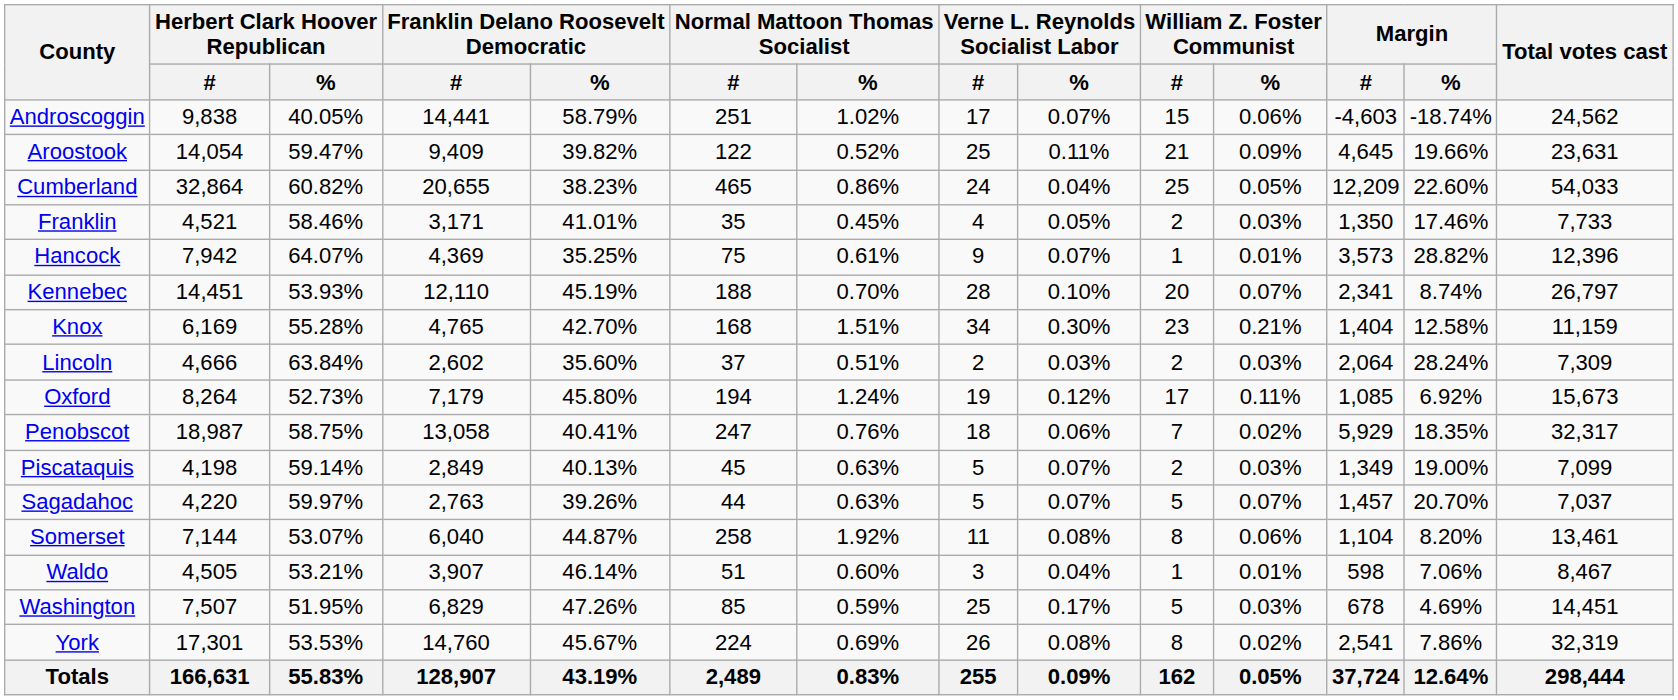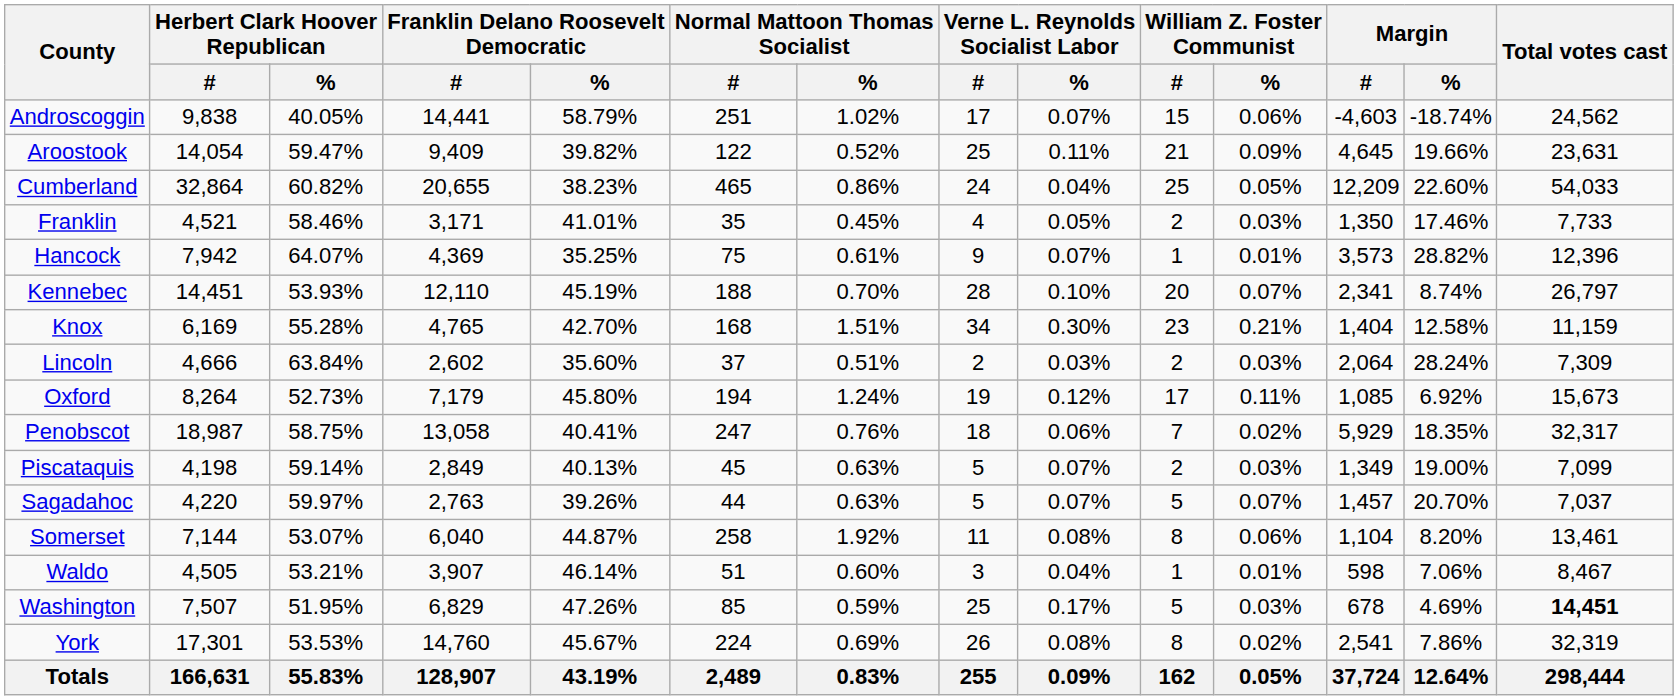 <table class="wikitable sortable">
 <tr>
 <th rowspan="2">County</th>
 <th colspan="2">Herbert Clark Hoover<br>Republican</th>
 <th colspan="2">Franklin Delano Roosevelt<br>Democratic</th>
 <th colspan="2">Normal Mattoon Thomas<br>Socialist</th>
 <th colspan="2">Verne L. Reynolds<br>Socialist Labor</th>
 <th colspan="2">William Z. Foster<br>Communist</th>
 <th colspan="2">Margin</th>
 <th rowspan="2">Total votes cast</th>
 </tr>
 <tr bgcolor="lightgrey">
 <th data-sort-type="number">#</th>
 <th data-sort-type="number">%</th>
 <th data-sort-type="number">#</th>
 <th data-sort-type="number">%</th>
 <th data-sort-type="number">#</th>
 <th data-sort-type="number">%</th>
 <th data-sort-type="number">#</th>
 <th data-sort-type="number">%</th>
 <th data-sort-type="number">#</th>
 <th data-sort-type="number">%</th>
 <th data-sort-type="number">#</th>
 <th data-sort-type="number">%</th>
 </tr>
 <tr style="text-align:center;">
 <td><a href='#'>Androscoggin</a></td>
 <td>9,838</td>
 <td>40.05%</td>
 <td>14,441</td>
 <td>58.79%</td>
 <td>251</td>
 <td>1.02%</td>
 <td>17</td>
 <td>0.07%</td>
 <td>15</td>
 <td>0.06%</td>
 <td>-4,603</td>
 <td>-18.74%</td>
 <td>24,562</td>
 </tr>
 <tr style="text-align:center;">
 <td><a href='#'>Aroostook</a></td>
 <td>14,054</td>
 <td>59.47%</td>
 <td>9,409</td>
 <td>39.82%</td>
 <td>122</td>
 <td>0.52%</td>
 <td>25</td>
 <td>0.11%</td>
 <td>21</td>
 <td>0.09%</td>
 <td>4,645</td>
 <td>19.66%</td>
 <td>23,631</td>
 </tr>
 <tr style="text-align:center;">
 <td><a href='#'>Cumberland</a></td>
 <td>32,864</td>
 <td>60.82%</td>
 <td>20,655</td>
 <td>38.23%</td>
 <td>465</td>
 <td>0.86%</td>
 <td>24</td>
 <td>0.04%</td>
 <td>25</td>
 <td>0.05%</td>
 <td>12,209</td>
 <td>22.60%</td>
 <td>54,033</td>
 </tr>
 <tr style="text-align:center;">
 <td><a href='#'>Franklin</a></td>
 <td>4,521</td>
 <td>58.46%</td>
 <td>3,171</td>
 <td>41.01%</td>
 <td>35</td>
 <td>0.45%</td>
 <td>4</td>
 <td>0.05%</td>
 <td>2</td>
 <td>0.03%</td>
 <td>1,350</td>
 <td>17.46%</td>
 <td>7,733</td>
 </tr>
 <tr style="text-align:center;">
 <td><a href='#'>Hancock</a></td>
 <td>7,942</td>
 <td>64.07%</td>
 <td>4,369</td>
 <td>35.25%</td>
 <td>75</td>
 <td>0.61%</td>
 <td>9</td>
 <td>0.07%</td>
 <td>1</td>
 <td>0.01%</td>
 <td>3,573</td>
 <td>28.82%</td>
 <td>12,396</td>
 </tr>
 <tr style="text-align:center;">
 <td><a href='#'>Kennebec</a></td>
 <td>14,451</td>
 <td>53.93%</td>
 <td>12,110</td>
 <td>45.19%</td>
 <td>188</td>
 <td>0.70%</td>
 <td>28</td>
 <td>0.10%</td>
 <td>20</td>
 <td>0.07%</td>
 <td>2,341</td>
 <td>8.74%</td>
 <td>26,797</td>
 </tr>
 <tr style="text-align:center;">
 <td><a href='#'>Knox</a></td>
 <td>6,169</td>
 <td>55.28%</td>
 <td>4,765</td>
 <td>42.70%</td>
 <td>168</td>
 <td>1.51%</td>
 <td>34</td>
 <td>0.30%</td>
 <td>23</td>
 <td>0.21%</td>
 <td>1,404</td>
 <td>12.58%</td>
 <td>11,159</td>
 </tr>
 <tr style="text-align:center;">
 <td><a href='#'>Lincoln</a></td>
 <td>4,666</td>
 <td>63.84%</td>
 <td>2,602</td>
 <td>35.60%</td>
 <td>37</td>
 <td>0.51%</td>
 <td>2</td>
 <td>0.03%</td>
 <td>2</td>
 <td>0.03%</td>
 <td>2,064</td>
 <td>28.24%</td>
 <td>7,309</td>
 </tr>
 <tr style="text-align:center;">
 <td><a href='#'>Oxford</a></td>
 <td>8,264</td>
 <td>52.73%</td>
 <td>7,179</td>
 <td>45.80%</td>
 <td>194</td>
 <td>1.24%</td>
 <td>19</td>
 <td>0.12%</td>
 <td>17</td>
 <td>0.11%</td>
 <td>1,085</td>
 <td>6.92%</td>
 <td>15,673</td>
 </tr>
 <tr style="text-align:center;">
 <td><a href='#'>Penobscot</a></td>
 <td>18,987</td>
 <td>58.75%</td>
 <td>13,058</td>
 <td>40.41%</td>
 <td>247</td>
 <td>0.76%</td>
 <td>18</td>
 <td>0.06%</td>
 <td>7</td>
 <td>0.02%</td>
 <td>5,929</td>
 <td>18.35%</td>
 <td>32,317</td>
 </tr>
 <tr style="text-align:center;">
 <td><a href='#'>Piscataquis</a></td>
 <td>4,198</td>
 <td>59.14%</td>
 <td>2,849</td>
 <td>40.13%</td>
 <td>45</td>
 <td>0.63%</td>
 <td>5</td>
 <td>0.07%</td>
 <td>2</td>
 <td>0.03%</td>
 <td>1,349</td>
 <td>19.00%</td>
 <td>7,099</td>
 </tr>
 <tr style="text-align:center;">
 <td><a href='#'>Sagadahoc</a></td>
 <td>4,220</td>
 <td>59.97%</td>
 <td>2,763</td>
 <td>39.26%</td>
 <td>44</td>
 <td>0.63%</td>
 <td>5</td>
 <td>0.07%</td>
 <td>5</td>
 <td>0.07%</td>
 <td>1,457</td>
 <td>20.70%</td>
 <td>7,037</td>
 </tr>
 <tr style="text-align:center;">
 <td><a href='#'>Somerset</a></td>
 <td>7,144</td>
 <td>53.07%</td>
 <td>6,040</td>
 <td>44.87%</td>
 <td>258</td>
 <td>1.92%</td>
 <td>11</td>
 <td>0.08%</td>
 <td>8</td>
 <td>0.06%</td>
 <td>1,104</td>
 <td>8.20%</td>
 <td>13,461</td>
 </tr>
 <tr style="text-align:center;">
 <td><a href='#'>Waldo</a></td>
 <td>4,505</td>
 <td>53.21%</td>
 <td>3,907</td>
 <td>46.14%</td>
 <td>51</td>
 <td>0.60%</td>
 <td>3</td>
 <td>0.04%</td>
 <td>1</td>
 <td>0.01%</td>
 <td>598</td>
 <td>7.06%</td>
 <td>8,467</td>
 </tr>
 <tr style="text-align:center;">
 <td><a href='#'>Washington</a></td>
 <td>7,507</td>
 <td>51.95%</td>
 <td>6,829</td>
 <td>47.26%</td>
 <td>85</td>
 <td>0.59%</td>
 <td>25</td>
 <td>0.17%</td>
 <td>5</td>
 <td>0.03%</td>
 <td>678</td>
 <td>4.69%</td>
-<td>14,451</td>
+<td><strong>14,451</strong></td>
 </tr>
 <tr style="text-align:center;">
 <td><a href='#'>York</a></td>
 <td>17,301</td>
 <td>53.53%</td>
 <td>14,760</td>
 <td>45.67%</td>
 <td>224</td>
 <td>0.69%</td>
 <td>26</td>
 <td>0.08%</td>
 <td>8</td>
 <td>0.02%</td>
 <td>2,541</td>
 <td>7.86%</td>
 <td>32,319</td>
 </tr>
 <tr style="text-align:center;">
 <th>Totals</th>
 <th>166,631</th>
 <th>55.83%</th>
 <th>128,907</th>
 <th>43.19%</th>
 <th>2,489</th>
 <th>0.83%</th>
 <th>255</th>
 <th>0.09%</th>
 <th>162</th>
 <th>0.05%</th>
 <th>37,724</th>
 <th>12.64%</th>
 <th>298,444</th>
 </tr>
 </table>
